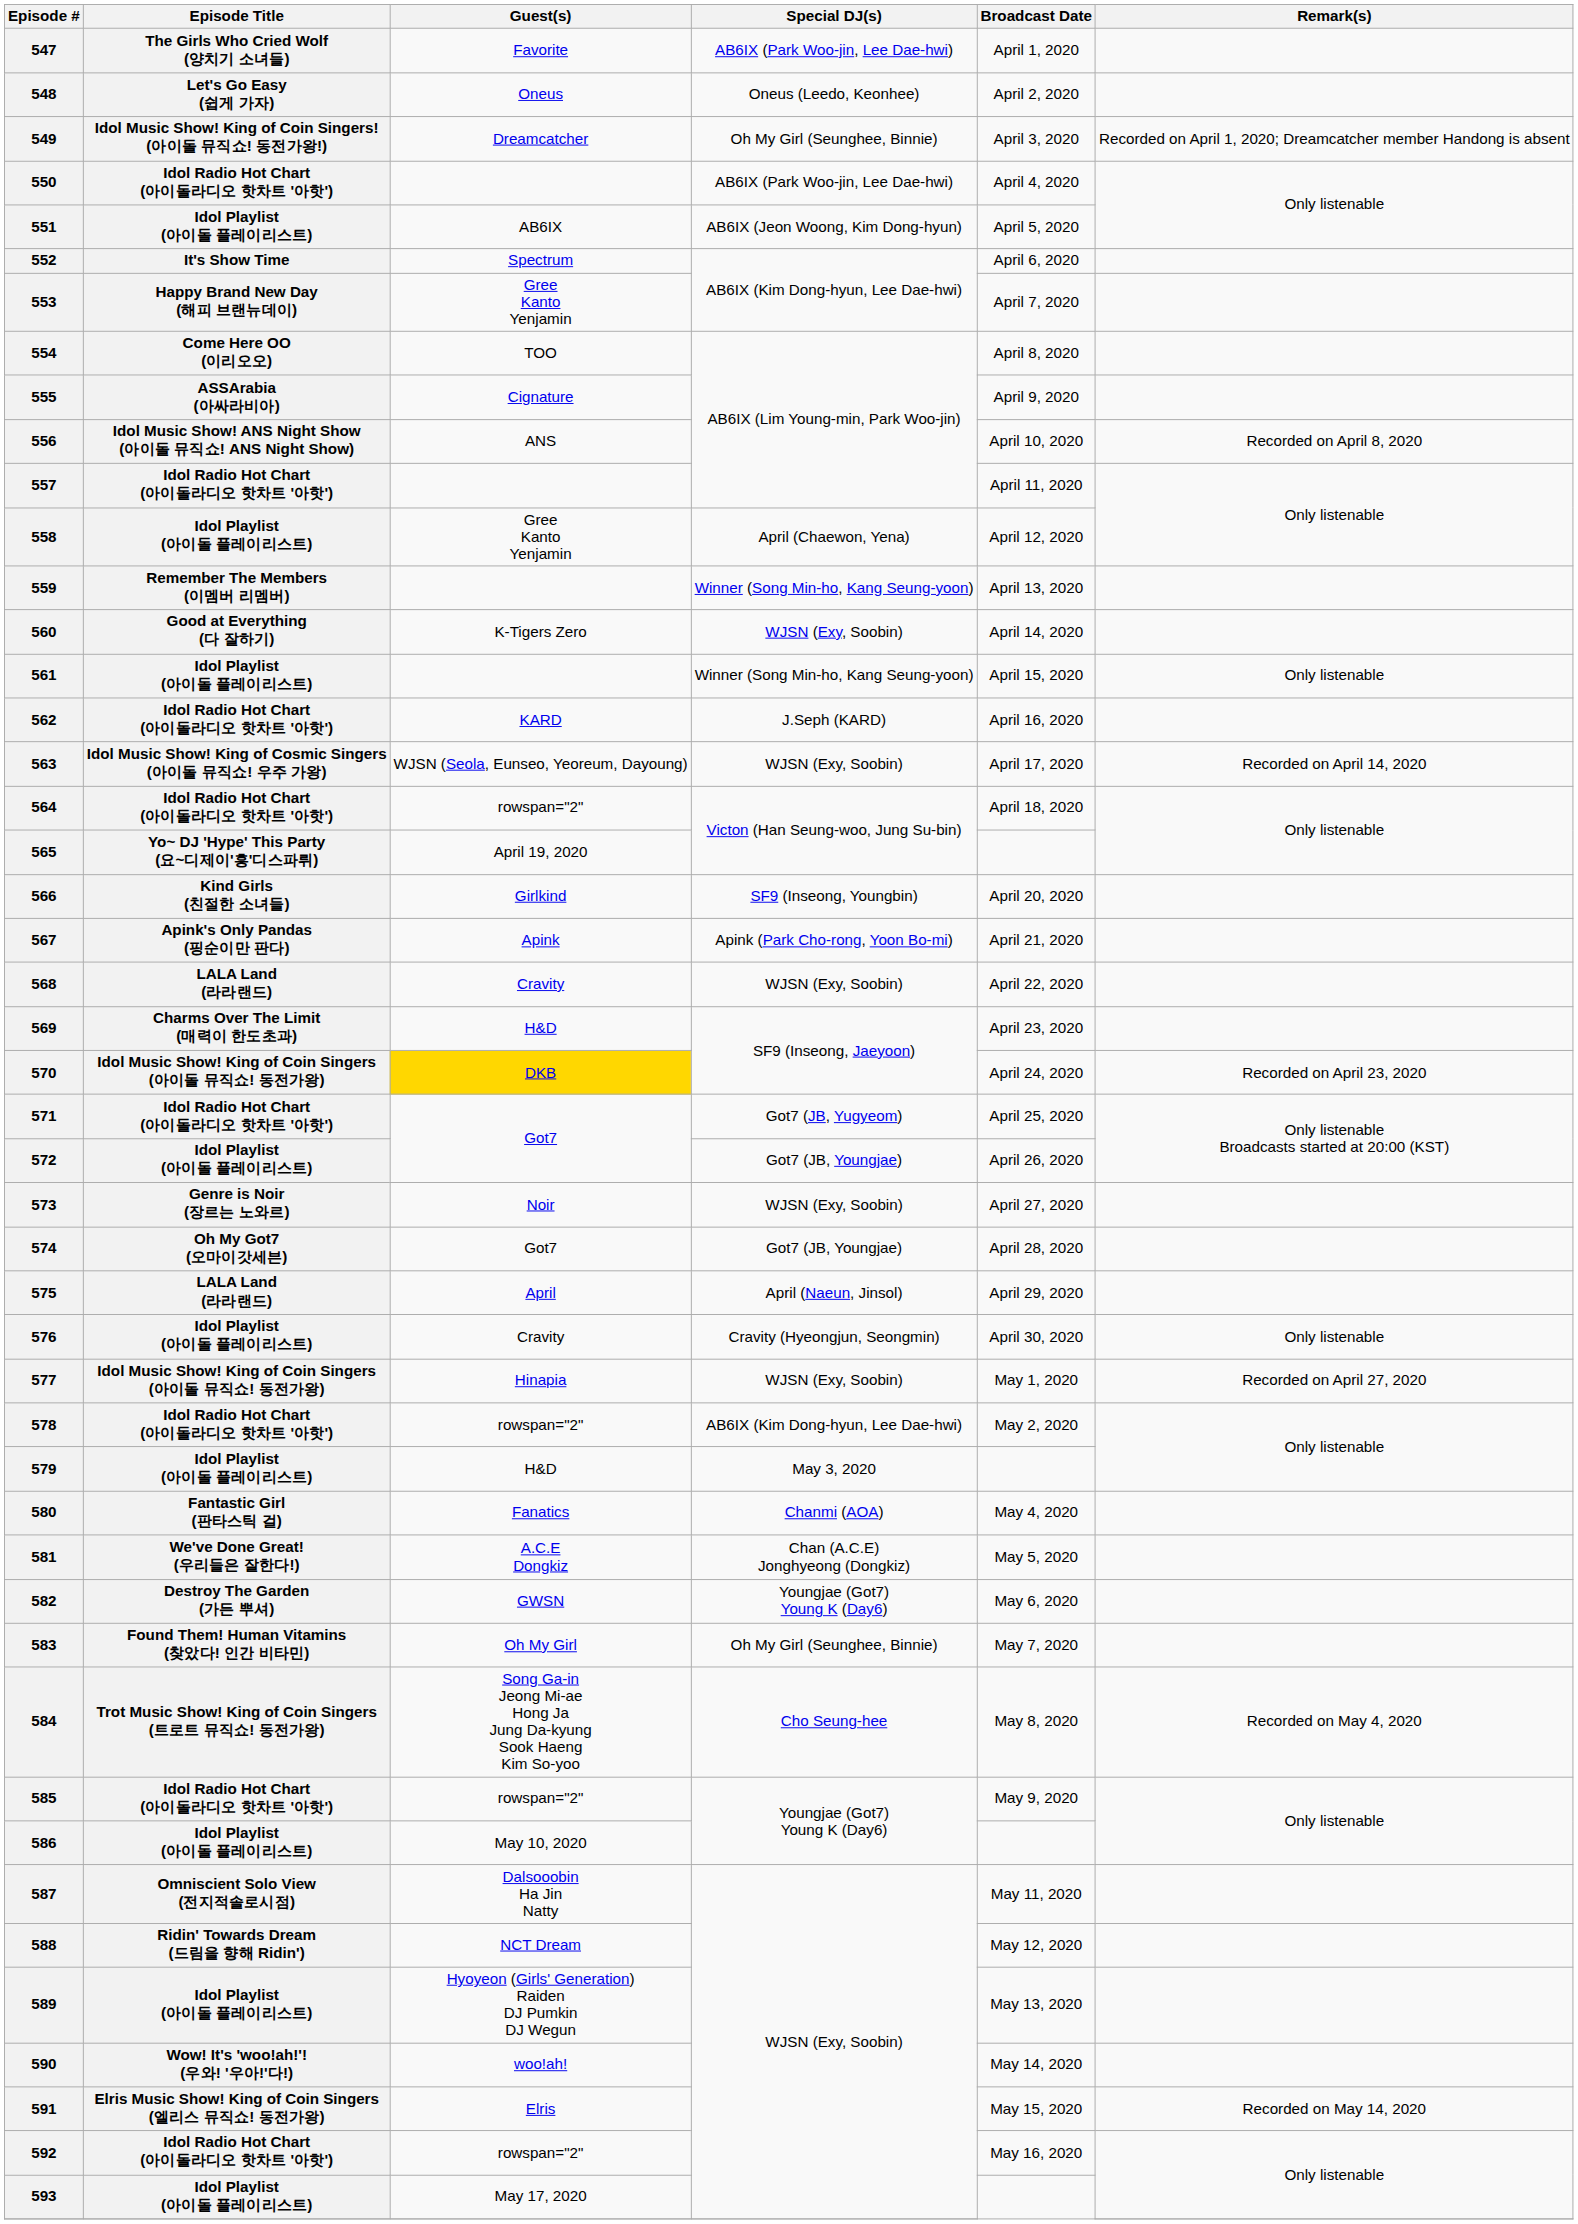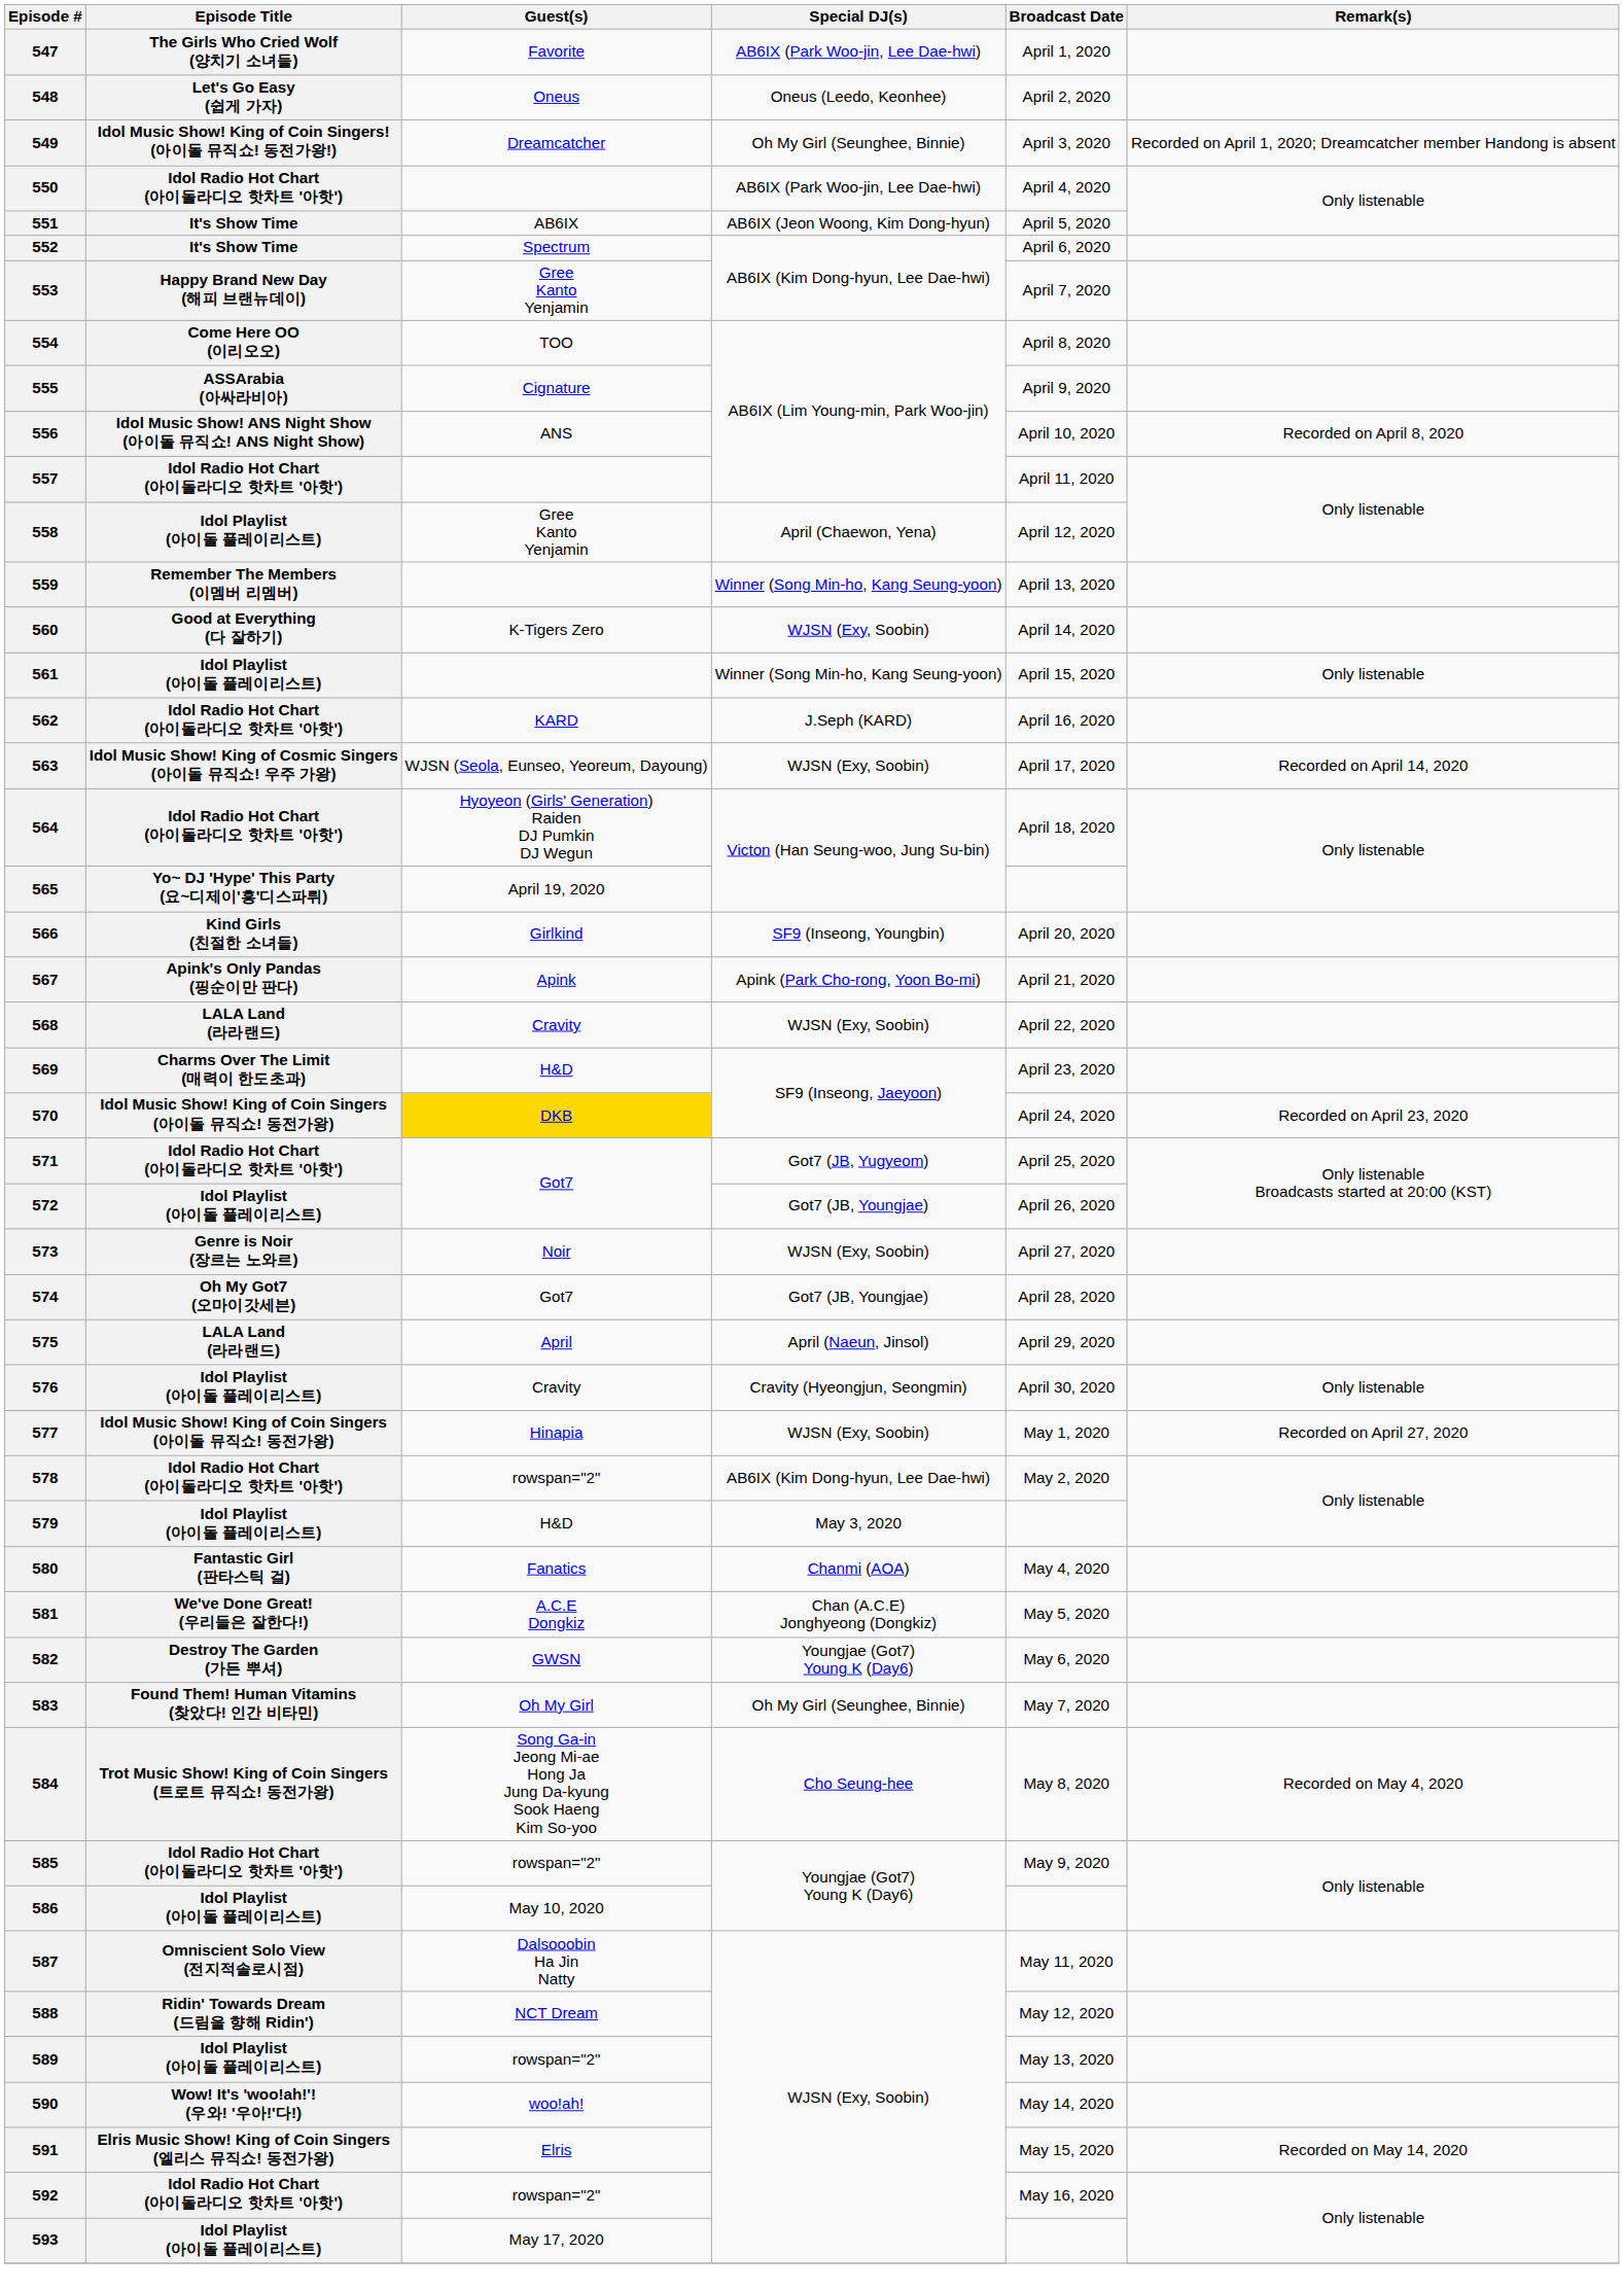 <table class="wikitable" style="text-align:center">
 <tr>
 <th>Episode #</th>
 <th>Episode Title</th>
 <th>Guest(s)</th>
 <th>Special DJ(s)</th>
 <th>Broadcast Date</th>
 <th>Remark(s)</th>
 </tr>
 <tr>
 <th>547</th>
 <th>The Girls Who Cried Wolf<br>(양치기 소녀들)</th>
 <td><a href='#'>Favorite</a></td>
 <td><a href='#'>AB6IX</a> (<a href='#'>Park Woo-jin</a>, <a href='#'>Lee Dae-hwi</a>)</td>
 <td>April 1, 2020</td>
 <td></td>
 </tr>
 <tr>
 <th>548</th>
 <th>Let's Go Easy<br>(쉽게 가자)</th>
 <td><a href='#'>Oneus</a></td>
 <td>Oneus (Leedo, Keonhee)</td>
 <td>April 2, 2020</td>
 <td></td>
 </tr>
 <tr>
 <th>549</th>
 <th>Idol Music Show! King of Coin Singers!<br>(아이돌 뮤직쇼! 동전가왕!)</th>
 <td><a href='#'>Dreamcatcher</a></td>
 <td>Oh My Girl (Seunghee, Binnie)</td>
 <td>April 3, 2020</td>
 <td>Recorded on April 1, 2020; Dreamcatcher member Handong is absent</td>
 </tr>
 <tr>
 <th>550</th>
 <th>Idol Radio Hot Chart<br>(아이돌라디오 핫차트 '아핫')</th>
 <td></td>
 <td>AB6IX (Park Woo-jin, Lee Dae-hwi)</td>
 <td>April 4, 2020</td>
 <td rowspan="2">Only listenable</td>
 </tr>
 <tr>
 <th>551</th>
-<th>Idol Playlist<br>(아이돌 플레이리스트)</th>
+<th>It's Show Time</th>
 <td>AB6IX</td>
 <td>AB6IX (Jeon Woong, Kim Dong-hyun)</td>
 <td>April 5, 2020</td>
 </tr>
 <tr>
 <th>552</th>
 <th>It's Show Time</th>
 <td><a href='#'>Spectrum</a></td>
 <td rowspan="2">AB6IX (Kim Dong-hyun, Lee Dae-hwi)</td>
 <td>April 6, 2020</td>
 <td></td>
 </tr>
 <tr>
 <th>553</th>
 <th>Happy Brand New Day<br>(해피 브랜뉴데이)</th>
 <td><a href='#'>Gree</a><br><a href='#'>Kanto</a><br>Yenjamin</td>
 <td>April 7, 2020</td>
 <td></td>
 </tr>
 <tr>
 <th>554</th>
 <th>Come Here OO<br>(이리오오)</th>
 <td>TOO</td>
 <td rowspan="4">AB6IX (Lim Young-min, Park Woo-jin)</td>
 <td>April 8, 2020</td>
 <td></td>
 </tr>
 <tr>
 <th>555</th>
 <th>ASSArabia<br>(아싸라비아)</th>
 <td><a href='#'>Cignature</a></td>
 <td>April 9, 2020</td>
 <td></td>
 </tr>
 <tr>
 <th>556</th>
 <th>Idol Music Show! ANS Night Show<br>(아이돌 뮤직쇼! ANS Night Show)</th>
 <td>ANS</td>
 <td>April 10, 2020</td>
 <td>Recorded on April 8, 2020</td>
 </tr>
 <tr>
 <th>557</th>
 <th>Idol Radio Hot Chart<br>(아이돌라디오 핫차트 '아핫')</th>
 <td></td>
 <td>April 11, 2020</td>
 <td rowspan="2">Only listenable</td>
 </tr>
 <tr>
 <th>558</th>
 <th>Idol Playlist<br>(아이돌 플레이리스트)</th>
 <td>Gree<br>Kanto<br>Yenjamin</td>
 <td>April (Chaewon, Yena)</td>
 <td>April 12, 2020</td>
 </tr>
 <tr>
 <th>559</th>
 <th>Remember The Members<br>(이멤버 리멤버)</th>
 <td></td>
 <td><a href='#'>Winner</a> (<a href='#'>Song Min-ho</a>, <a href='#'>Kang Seung-yoon</a>)</td>
 <td>April 13, 2020</td>
 <td></td>
 </tr>
 <tr>
 <th>560</th>
 <th>Good at Everything<br>(다 잘하기)</th>
 <td>K-Tigers Zero</td>
 <td><a href='#'>WJSN</a> (<a href='#'>Exy</a>, Soobin)</td>
 <td>April 14, 2020</td>
 <td></td>
 </tr>
 <tr>
 <th>561</th>
 <th>Idol Playlist<br>(아이돌 플레이리스트)</th>
 <td></td>
 <td>Winner (Song Min-ho, Kang Seung-yoon)</td>
 <td>April 15, 2020</td>
 <td>Only listenable</td>
 </tr>
 <tr>
 <th>562</th>
 <th>Idol Radio Hot Chart<br>(아이돌라디오 핫차트 '아핫')</th>
 <td><a href='#'>KARD</a></td>
 <td>J.Seph (KARD)</td>
 <td>April 16, 2020</td>
 <td></td>
 </tr>
 <tr>
 <th>563</th>
 <th>Idol Music Show! King of Cosmic Singers<br>(아이돌 뮤직쇼! 우주 가왕)</th>
 <td>WJSN (<a href='#'>Seola</a>, Eunseo, Yeoreum, Dayoung)</td>
 <td>WJSN (Exy, Soobin)</td>
 <td>April 17, 2020</td>
 <td>Recorded on April 14, 2020</td>
 </tr>
 <tr>
 <th>564</th>
 <th>Idol Radio Hot Chart<br>(아이돌라디오 핫차트 '아핫')</th>
-<td>rowspan="2" </td>
+<td><a href='#'>Hyoyeon</a> (<a href='#'>Girls' Generation</a>)<br>Raiden<br>DJ Pumkin<br>DJ Wegun</td>
 <td rowspan="2"><a href='#'>Victon</a> (Han Seung-woo, Jung Su-bin)</td>
 <td>April 18, 2020</td>
 <td rowspan="2">Only listenable</td>
 </tr>
 <tr>
 <th>565</th>
 <th>Yo~ DJ 'Hype' This Party<br>(요~디제이'흥'디스파뤼)</th>
 <td>April 19, 2020</td>
 </tr>
 <tr>
 <th>566</th>
 <th>Kind Girls<br>(친절한 소녀들)</th>
 <td><a href='#'>Girlkind</a></td>
 <td><a href='#'>SF9</a> (Inseong, Youngbin)</td>
 <td>April 20, 2020</td>
 <td></td>
 </tr>
 <tr>
 <th>567</th>
 <th>Apink's Only Pandas<br>(핑순이만 판다)</th>
 <td><a href='#'>Apink</a></td>
 <td>Apink (<a href='#'>Park Cho-rong</a>, <a href='#'>Yoon Bo-mi</a>)</td>
 <td>April 21, 2020</td>
 <td></td>
 </tr>
 <tr>
 <th>568</th>
 <th>LALA Land<br>(라라랜드)</th>
 <td><a href='#'>Cravity</a></td>
 <td>WJSN (Exy, Soobin)</td>
 <td>April 22, 2020</td>
 <td></td>
 </tr>
 <tr>
 <th>569</th>
 <th>Charms Over The Limit<br>(매력이 한도초과)</th>
 <td><a href='#'>H&D</a></td>
 <td rowspan="2">SF9 (Inseong, <a href='#'>Jaeyoon</a>)</td>
 <td>April 23, 2020</td>
 <td></td>
 </tr>
 <tr>
 <th>570</th>
 <th>Idol Music Show! King of Coin Singers<br>(아이돌 뮤직쇼! 동전가왕)</th>
 <td style="background: gold;"><a href='#'>DKB</a></td>
 <td>April 24, 2020</td>
 <td>Recorded on April 23, 2020</td>
 </tr>
 <tr>
 <th>571</th>
 <th>Idol Radio Hot Chart<br>(아이돌라디오 핫차트 '아핫')</th>
 <td rowspan="2"><a href='#'>Got7</a></td>
 <td>Got7 (<a href='#'>JB</a>, <a href='#'>Yugyeom</a>)</td>
 <td>April 25, 2020</td>
 <td rowspan="2">Only listenable<br>Broadcasts started at 20:00 (KST)</td>
 </tr>
 <tr>
 <th>572</th>
 <th>Idol Playlist<br>(아이돌 플레이리스트)</th>
 <td>Got7 (JB, <a href='#'>Youngjae</a>)</td>
 <td>April 26, 2020</td>
 </tr>
 <tr>
 <th>573</th>
 <th>Genre is Noir<br>(장르는 노와르)</th>
 <td><a href='#'>Noir</a></td>
 <td>WJSN (Exy, Soobin)</td>
 <td>April 27, 2020</td>
 <td></td>
 </tr>
 <tr>
 <th>574</th>
 <th>Oh My Got7<br>(오마이갓세븐)</th>
 <td>Got7</td>
 <td>Got7 (JB, Youngjae)</td>
 <td>April 28, 2020</td>
 <td></td>
 </tr>
 <tr>
 <th>575</th>
 <th>LALA Land<br>(라라랜드)</th>
 <td><a href='#'>April</a></td>
 <td>April (<a href='#'>Naeun</a>, Jinsol)</td>
 <td>April 29, 2020</td>
 <td></td>
 </tr>
 <tr>
 <th>576</th>
 <th>Idol Playlist<br>(아이돌 플레이리스트)</th>
 <td>Cravity</td>
 <td>Cravity (Hyeongjun, Seongmin)</td>
 <td>April 30, 2020</td>
 <td>Only listenable</td>
 </tr>
 <tr>
 <th>577</th>
 <th>Idol Music Show! King of Coin Singers<br>(아이돌 뮤직쇼! 동전가왕)</th>
 <td><a href='#'>Hinapia</a></td>
 <td>WJSN (Exy, Soobin)</td>
 <td>May 1, 2020</td>
 <td>Recorded on April 27, 2020</td>
 </tr>
 <tr>
 <th>578</th>
 <th>Idol Radio Hot Chart<br>(아이돌라디오 핫차트 '아핫')</th>
 <td>rowspan="2" </td>
 <td>AB6IX (Kim Dong-hyun, Lee Dae-hwi)</td>
 <td>May 2, 2020</td>
 <td rowspan="2">Only listenable</td>
 </tr>
 <tr>
 <th>579</th>
 <th>Idol Playlist<br>(아이돌 플레이리스트)</th>
 <td>H&D</td>
 <td>May 3, 2020</td>
 </tr>
 <tr>
 <th>580</th>
 <th>Fantastic Girl<br>(판타스틱 걸)</th>
 <td><a href='#'>Fanatics</a></td>
 <td><a href='#'>Chanmi</a> (<a href='#'>AOA</a>)</td>
 <td>May 4, 2020</td>
 <td></td>
 </tr>
 <tr>
 <th>581</th>
 <th>We've Done Great!<br>(우리들은 잘한다!)</th>
 <td><a href='#'>A.C.E</a><br><a href='#'>Dongkiz</a></td>
 <td>Chan (A.C.E)<br>Jonghyeong (Dongkiz)</td>
 <td>May 5, 2020</td>
 <td></td>
 </tr>
 <tr>
 <th>582</th>
 <th>Destroy The Garden<br>(가든 뿌셔)</th>
 <td><a href='#'>GWSN</a></td>
 <td>Youngjae (Got7)<br><a href='#'>Young K</a> (<a href='#'>Day6</a>)</td>
 <td>May 6, 2020</td>
 <td></td>
 </tr>
 <tr>
 <th>583</th>
 <th>Found Them! Human Vitamins<br>(찾았다! 인간 비타민)</th>
 <td><a href='#'>Oh My Girl</a></td>
 <td>Oh My Girl (Seunghee, Binnie)</td>
 <td>May 7, 2020</td>
 <td></td>
 </tr>
 <tr>
 <th>584</th>
 <th>Trot Music Show! King of Coin Singers<br>(트로트 뮤직쇼! 동전가왕)</th>
 <td><a href='#'>Song Ga-in</a><br>Jeong Mi-ae<br>Hong Ja<br>Jung Da-kyung<br>Sook Haeng<br>Kim So-yoo</td>
 <td><a href='#'>Cho Seung-hee</a></td>
 <td>May 8, 2020</td>
 <td>Recorded on May 4, 2020</td>
 </tr>
 <tr>
 <th>585</th>
 <th>Idol Radio Hot Chart<br>(아이돌라디오 핫차트 '아핫')</th>
 <td>rowspan="2" </td>
 <td rowspan="2">Youngjae (Got7)<br>Young K (Day6)</td>
 <td>May 9, 2020</td>
 <td rowspan="2">Only listenable</td>
 </tr>
 <tr>
 <th>586</th>
 <th>Idol Playlist<br>(아이돌 플레이리스트)</th>
 <td>May 10, 2020</td>
 </tr>
 <tr>
 <th>587</th>
 <th>Omniscient Solo View<br>(전지적솔로시점)</th>
 <td><a href='#'>Dalsooobin</a><br>Ha Jin<br>Natty</td>
 <td rowspan="7">WJSN (Exy, Soobin)</td>
 <td>May 11, 2020</td>
 <td></td>
 </tr>
 <tr>
 <th>588</th>
 <th>Ridin' Towards Dream<br>(드림을 향해 Ridin')</th>
 <td><a href='#'>NCT Dream</a></td>
 <td>May 12, 2020</td>
 <td></td>
 </tr>
 <tr>
 <th>589</th>
 <th>Idol Playlist<br>(아이돌 플레이리스트)</th>
-<td><a href='#'>Hyoyeon</a> (<a href='#'>Girls' Generation</a>)<br>Raiden<br>DJ Pumkin<br>DJ Wegun</td>
+<td>rowspan="2" </td>
 <td>May 13, 2020</td>
 <td></td>
 </tr>
 <tr>
 <th>590</th>
 <th>Wow! It's 'woo!ah!'!<br>(우와! '우아!'다!)</th>
 <td><a href='#'>woo!ah!</a></td>
 <td>May 14, 2020</td>
 <td></td>
 </tr>
 <tr>
 <th>591</th>
 <th>Elris Music Show! King of Coin Singers<br>(엘리스 뮤직쇼! 동전가왕)</th>
 <td><a href='#'>Elris</a></td>
 <td>May 15, 2020</td>
 <td>Recorded on May 14, 2020</td>
 </tr>
 <tr>
 <th>592</th>
 <th>Idol Radio Hot Chart<br>(아이돌라디오 핫차트 '아핫')</th>
 <td>rowspan="2" </td>
 <td>May 16, 2020</td>
 <td rowspan="2">Only listenable</td>
 </tr>
 <tr>
 <th>593</th>
 <th>Idol Playlist<br>(아이돌 플레이리스트)</th>
 <td>May 17, 2020</td>
 </tr>
 <tr>
 </tr>
 </table>
